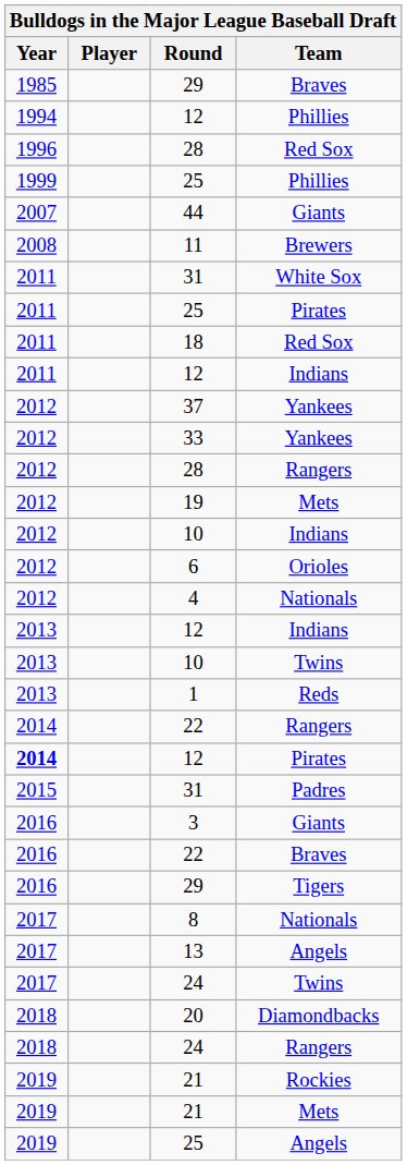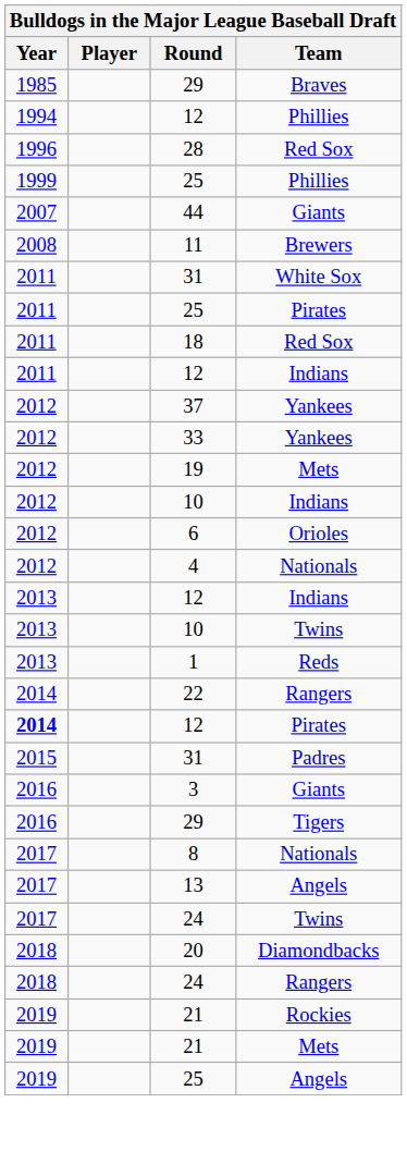 <table class="wikitable sortable collapsible collapsed" style="text-align:center">
 <tr>
 <th colspan=4>Bulldogs in the Major League Baseball Draft</th>
 </tr>
 <tr>
 <th>Year</th>
 <th>Player</th>
 <th>Round</th>
 <th>Team</th>
 </tr>
 <tr>
 <td><a href='#'>1985</a></td>
 <td></td>
 <td>29</td>
 <td><a href='#'>Braves</a></td>
 </tr>
 <tr>
 <td><a href='#'>1994</a></td>
 <td></td>
 <td>12</td>
 <td><a href='#'>Phillies</a></td>
 </tr>
 <tr>
 <td><a href='#'>1996</a></td>
 <td></td>
 <td>28</td>
 <td><a href='#'>Red Sox</a></td>
 </tr>
 <tr>
 <td><a href='#'>1999</a></td>
 <td></td>
 <td>25</td>
 <td><a href='#'>Phillies</a></td>
 </tr>
 <tr>
 <td><a href='#'>2007</a></td>
 <td></td>
 <td>44</td>
 <td><a href='#'>Giants</a></td>
 </tr>
 <tr>
 <td><a href='#'>2008</a></td>
 <td></td>
 <td>11</td>
 <td><a href='#'>Brewers</a></td>
 </tr>
 <tr>
 <td><a href='#'>2011</a></td>
 <td></td>
 <td>31</td>
 <td><a href='#'>White Sox</a></td>
 </tr>
 <tr>
 <td><a href='#'>2011</a></td>
 <td></td>
 <td>25</td>
 <td><a href='#'>Pirates</a></td>
 </tr>
 <tr>
 <td><a href='#'>2011</a></td>
 <td></td>
 <td>18</td>
 <td><a href='#'>Red Sox</a></td>
 </tr>
 <tr>
 <td><a href='#'>2011</a></td>
 <td></td>
 <td>12</td>
 <td><a href='#'>Indians</a></td>
 </tr>
 <tr>
 <td><a href='#'>2012</a></td>
 <td></td>
 <td>37</td>
 <td><a href='#'>Yankees</a></td>
 </tr>
 <tr>
 <td><a href='#'>2012</a></td>
 <td></td>
 <td>33</td>
 <td><a href='#'>Yankees</a></td>
 </tr>
 <tr>
 <td><a href='#'>2012</a></td>
 <td></td>
-<td>28</td>
-<td><a href='#'>Rangers</a></td>
-</tr>
-<tr>
-<td><a href='#'>2012</a></td>
-<td></td>
 <td>19</td>
 <td><a href='#'>Mets</a></td>
 </tr>
 <tr>
 <td><a href='#'>2012</a></td>
 <td></td>
 <td>10</td>
 <td><a href='#'>Indians</a></td>
 </tr>
 <tr>
 <td><a href='#'>2012</a></td>
 <td></td>
 <td>6</td>
 <td><a href='#'>Orioles</a></td>
 </tr>
 <tr>
 <td><a href='#'>2012</a></td>
 <td></td>
 <td>4</td>
 <td><a href='#'>Nationals</a></td>
 </tr>
 <tr>
 <td><a href='#'>2013</a></td>
 <td></td>
 <td>12</td>
 <td><a href='#'>Indians</a></td>
 </tr>
 <tr>
 <td><a href='#'>2013</a></td>
 <td></td>
 <td>10</td>
 <td><a href='#'>Twins</a></td>
 </tr>
 <tr>
 <td><a href='#'>2013</a></td>
 <td></td>
 <td>1</td>
 <td><a href='#'>Reds</a></td>
 </tr>
 <tr>
 <td><a href='#'>2014</a></td>
 <td></td>
 <td>22</td>
 <td><a href='#'>Rangers</a></td>
 </tr>
 <tr>
 <td><strong><a href='#'>2014</a></strong></td>
 <td></td>
 <td>12</td>
 <td><a href='#'>Pirates</a></td>
 </tr>
 <tr>
 <td><a href='#'>2015</a></td>
 <td></td>
 <td>31</td>
 <td><a href='#'>Padres</a></td>
 </tr>
 <tr>
 <td><a href='#'>2016</a></td>
 <td></td>
 <td>3</td>
 <td><a href='#'>Giants</a></td>
 </tr>
 <tr>
 <td><a href='#'>2016</a></td>
 <td></td>
-<td>22</td>
-<td><a href='#'>Braves</a></td>
-</tr>
-<tr>
-<td><a href='#'>2016</a></td>
-<td></td>
 <td>29</td>
 <td><a href='#'>Tigers</a></td>
 </tr>
 <tr>
 <td><a href='#'>2017</a></td>
 <td></td>
 <td>8</td>
 <td><a href='#'>Nationals</a></td>
 </tr>
 <tr>
 <td><a href='#'>2017</a></td>
 <td></td>
 <td>13</td>
 <td><a href='#'>Angels</a></td>
 </tr>
 <tr>
 <td><a href='#'>2017</a></td>
 <td></td>
 <td>24</td>
 <td><a href='#'>Twins</a></td>
 </tr>
 <tr>
 <td><a href='#'>2018</a></td>
 <td></td>
 <td>20</td>
 <td><a href='#'>Diamondbacks</a></td>
 </tr>
 <tr>
 <td><a href='#'>2018</a></td>
 <td></td>
 <td>24</td>
 <td><a href='#'>Rangers</a></td>
 </tr>
 <tr>
 <td><a href='#'>2019</a></td>
 <td></td>
 <td>21</td>
 <td><a href='#'>Rockies</a></td>
 </tr>
 <tr>
 <td><a href='#'>2019</a></td>
 <td></td>
 <td>21</td>
 <td><a href='#'>Mets</a></td>
 </tr>
 <tr>
 <td><a href='#'>2019</a></td>
 <td></td>
 <td>25</td>
 <td><a href='#'>Angels</a></td>
 </tr>
 </table>
